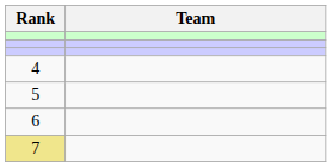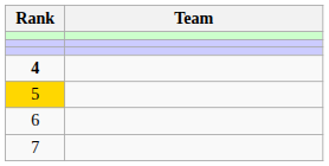 <table class="wikitable" style="text-align: center;">
 <tr>
 <th width="50">Rank</th>
 <th width="240">Team</th>
 </tr>
 <tr bgcolor="ccffcc">
 <td></td>
 <td align="left"></td>
 </tr>
 <tr bgcolor="ccccff">
 <td></td>
 <td align="left"></td>
 </tr>
 <tr bgcolor="ccccff">
 <td></td>
 <td align="left"></td>
 </tr>
 <tr>
-<td>4</td>
+<td><strong>4</strong></td>
 <td align="left"></td>
 </tr>
 <tr>
-<td>5</td>
+<td style="background: gold;">5</td>
 <td align="left"></td>
 </tr>
 <tr>
 <td>6</td>
 <td align="left"></td>
 </tr>
 <tr>
-<td style="background: khaki;">7</td>
+<td>7</td>
 <td align="left"></td>
 </tr>
 </table>
